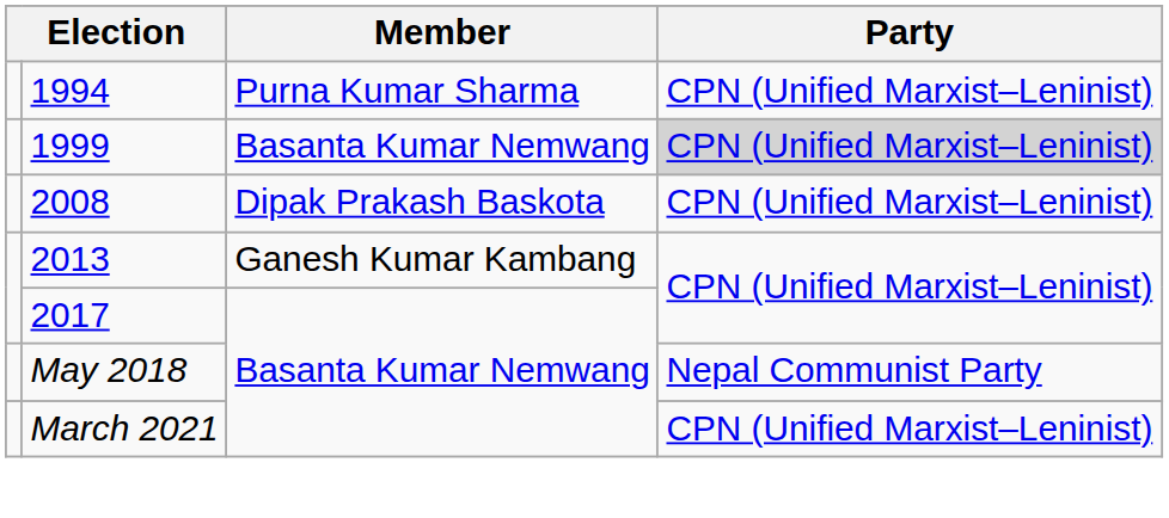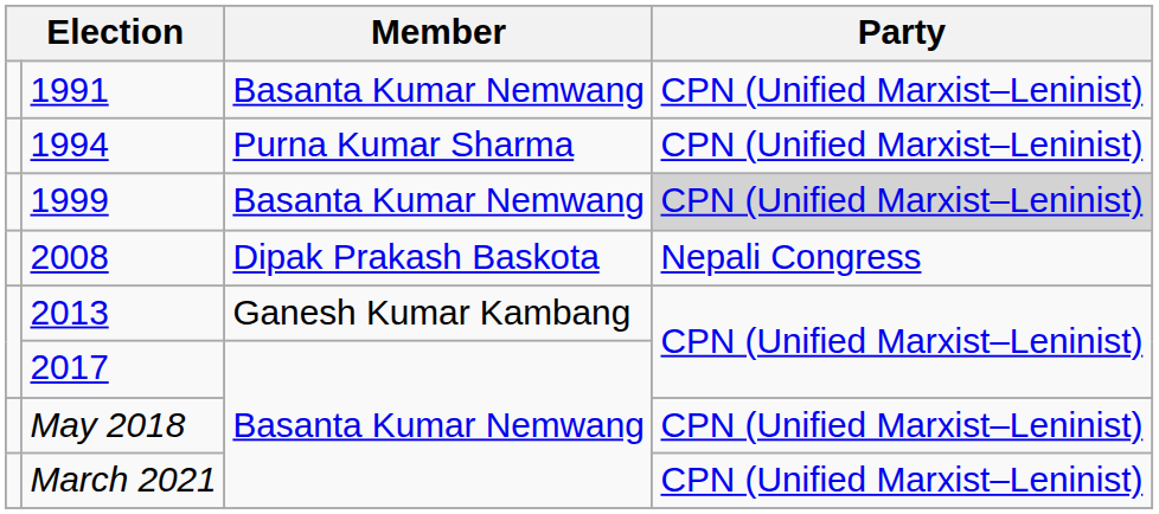 <table class="wikitable">
 <tr>
 <th colspan="2">Election</th>
 <th>Member</th>
 <th>Party</th>
+</tr>
+<tr>
+<td style="background-color:"></td>
+<td><a href='#'>1991</a></td>
+<td><a href='#'>Basanta Kumar Nemwang</a></td>
+<td><a href='#'>CPN (Unified Marxist–Leninist)</a></td>
 </tr>
 <tr>
 <td style="background-color:"></td>
 <td><a href='#'>1994</a></td>
 <td><a href='#'>Purna Kumar Sharma</a></td>
 <td><a href='#'>CPN (Unified Marxist–Leninist)</a></td>
 </tr>
 <tr>
 <td style="background-color:"></td>
 <td><a href='#'>1999</a></td>
 <td><a href='#'>Basanta Kumar Nemwang</a></td>
 <td style="background: lightgrey;"><a href='#'>CPN (Unified Marxist–Leninist)</a></td>
 </tr>
 <tr>
 <td style="background-color:"></td>
 <td><a href='#'>2008</a></td>
 <td><a href='#'>Dipak Prakash Baskota</a></td>
-<td><a href='#'>CPN (Unified Marxist–Leninist)</a></td>
+<td><a href='#'>Nepali Congress</a></td>
 </tr>
 <tr>
 <td rowspan="2" style="background-color:"></td>
 <td><a href='#'>2013</a></td>
 <td>Ganesh Kumar Kambang</td>
 <td rowspan="2"><a href='#'>CPN (Unified Marxist–Leninist)</a></td>
 </tr>
 <tr>
 <td><a href='#'>2017</a></td>
 <td rowspan="3"><a href='#'>Basanta Kumar Nemwang</a></td>
 </tr>
 <tr>
 <td style="background-color:"></td>
 <td><em>May 2018</em></td>
-<td><a href='#'>Nepal Communist Party</a></td>
+<td><a href='#'>CPN (Unified Marxist–Leninist)</a></td>
 </tr>
 <tr>
 <td style="background-color:"></td>
 <td><em>March 2021</em></td>
 <td><a href='#'>CPN (Unified Marxist–Leninist)</a></td>
 </tr>
 </table>
